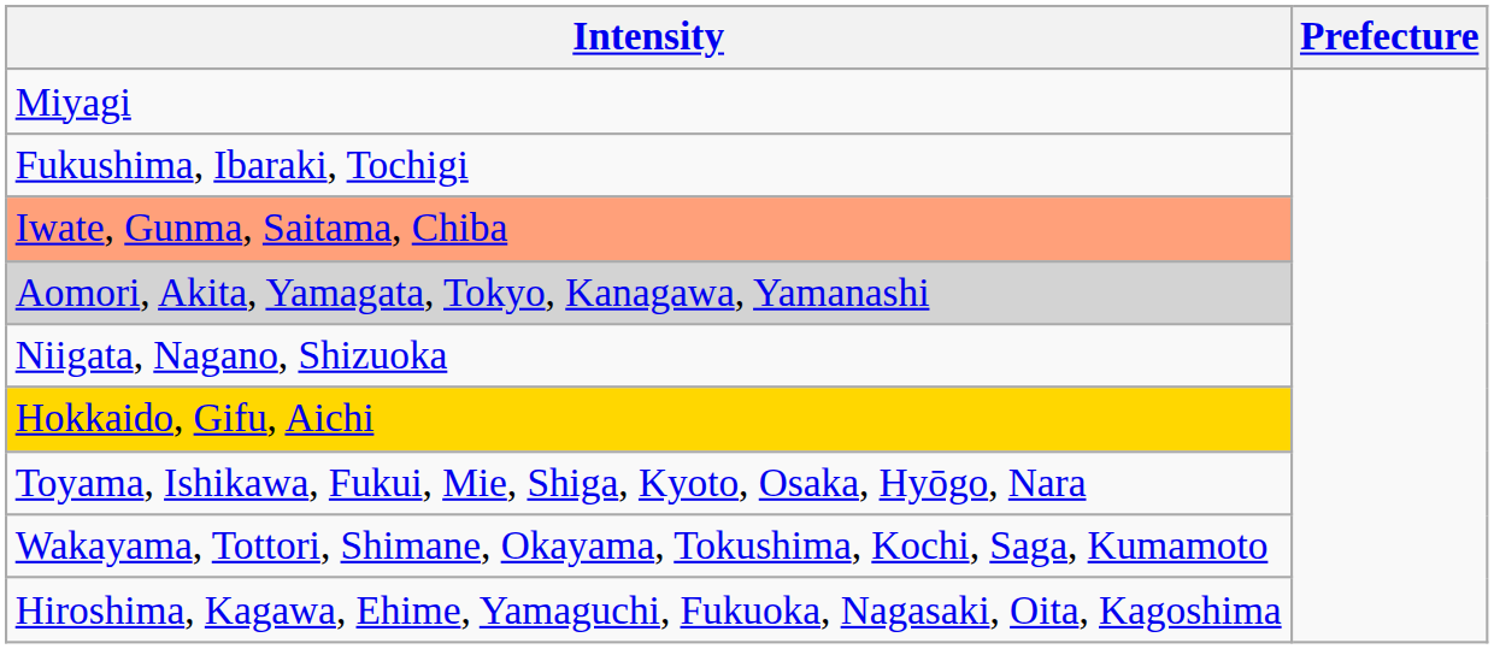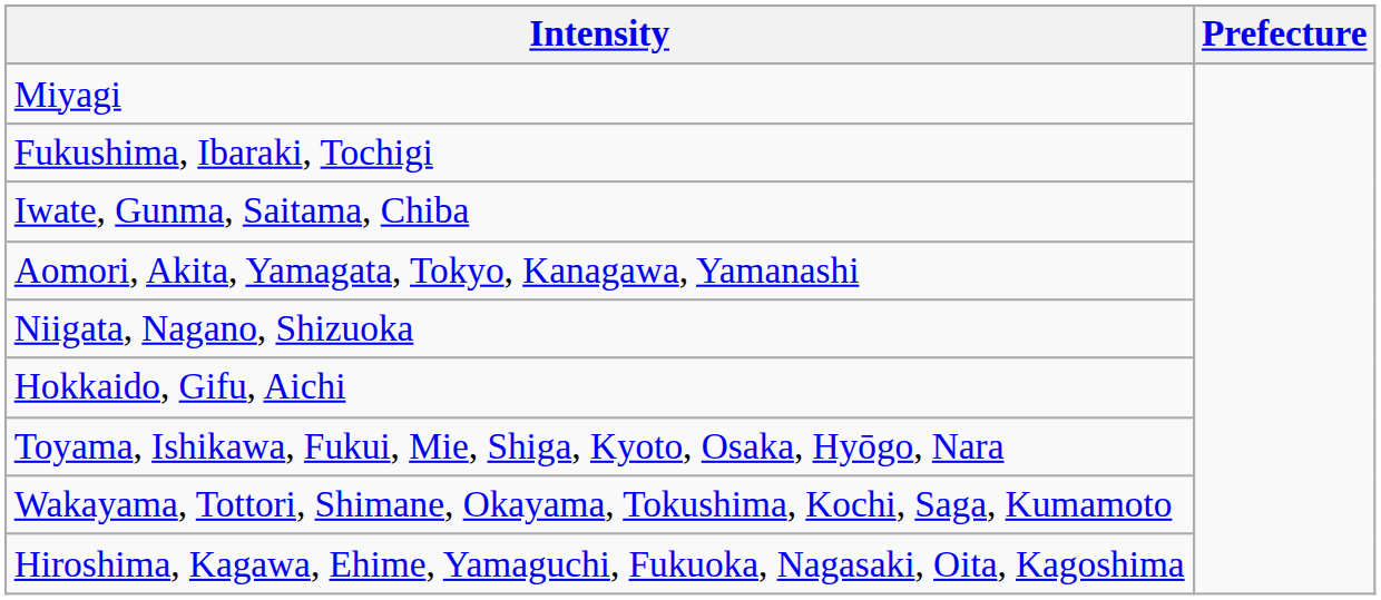 <table class="wikitable">
 <tr>
 <th><a href='#'>Intensity</a></th>
 <th><a href='#'>Prefecture</a></th>
 </tr>
 <tr>
 <td><a href='#'>Miyagi</a></td>
 </tr>
 <tr>
 <td><a href='#'>Fukushima</a>, <a href='#'>Ibaraki</a>, <a href='#'>Tochigi</a></td>
 </tr>
 <tr>
-<td style="background: lightsalmon;"><a href='#'>Iwate</a>, <a href='#'>Gunma</a>, <a href='#'>Saitama</a>, <a href='#'>Chiba</a></td>
+<td><a href='#'>Iwate</a>, <a href='#'>Gunma</a>, <a href='#'>Saitama</a>, <a href='#'>Chiba</a></td>
 </tr>
 <tr>
-<td style="background: lightgrey;"><a href='#'>Aomori</a>, <a href='#'>Akita</a>, <a href='#'>Yamagata</a>, <a href='#'>Tokyo</a>, <a href='#'>Kanagawa</a>, <a href='#'>Yamanashi</a></td>
+<td><a href='#'>Aomori</a>, <a href='#'>Akita</a>, <a href='#'>Yamagata</a>, <a href='#'>Tokyo</a>, <a href='#'>Kanagawa</a>, <a href='#'>Yamanashi</a></td>
 </tr>
 <tr>
 <td><a href='#'>Niigata</a>, <a href='#'>Nagano</a>, <a href='#'>Shizuoka</a></td>
 </tr>
 <tr>
-<td style="background: gold;"><a href='#'>Hokkaido</a>, <a href='#'>Gifu</a>, <a href='#'>Aichi</a></td>
+<td><a href='#'>Hokkaido</a>, <a href='#'>Gifu</a>, <a href='#'>Aichi</a></td>
 </tr>
 <tr>
 <td><a href='#'>Toyama</a>, <a href='#'>Ishikawa</a>, <a href='#'>Fukui</a>, <a href='#'>Mie</a>, <a href='#'>Shiga</a>, <a href='#'>Kyoto</a>, <a href='#'>Osaka</a>, <a href='#'>Hyōgo</a>, <a href='#'>Nara</a></td>
 </tr>
 <tr>
 <td><a href='#'>Wakayama</a>, <a href='#'>Tottori</a>, <a href='#'>Shimane</a>, <a href='#'>Okayama</a>, <a href='#'>Tokushima</a>, <a href='#'>Kochi</a>, <a href='#'>Saga</a>, <a href='#'>Kumamoto</a></td>
 </tr>
 <tr>
 <td><a href='#'>Hiroshima</a>, <a href='#'>Kagawa</a>, <a href='#'>Ehime</a>, <a href='#'>Yamaguchi</a>, <a href='#'>Fukuoka</a>, <a href='#'>Nagasaki</a>, <a href='#'>Oita</a>, <a href='#'>Kagoshima</a></td>
 </tr>
 </table>
